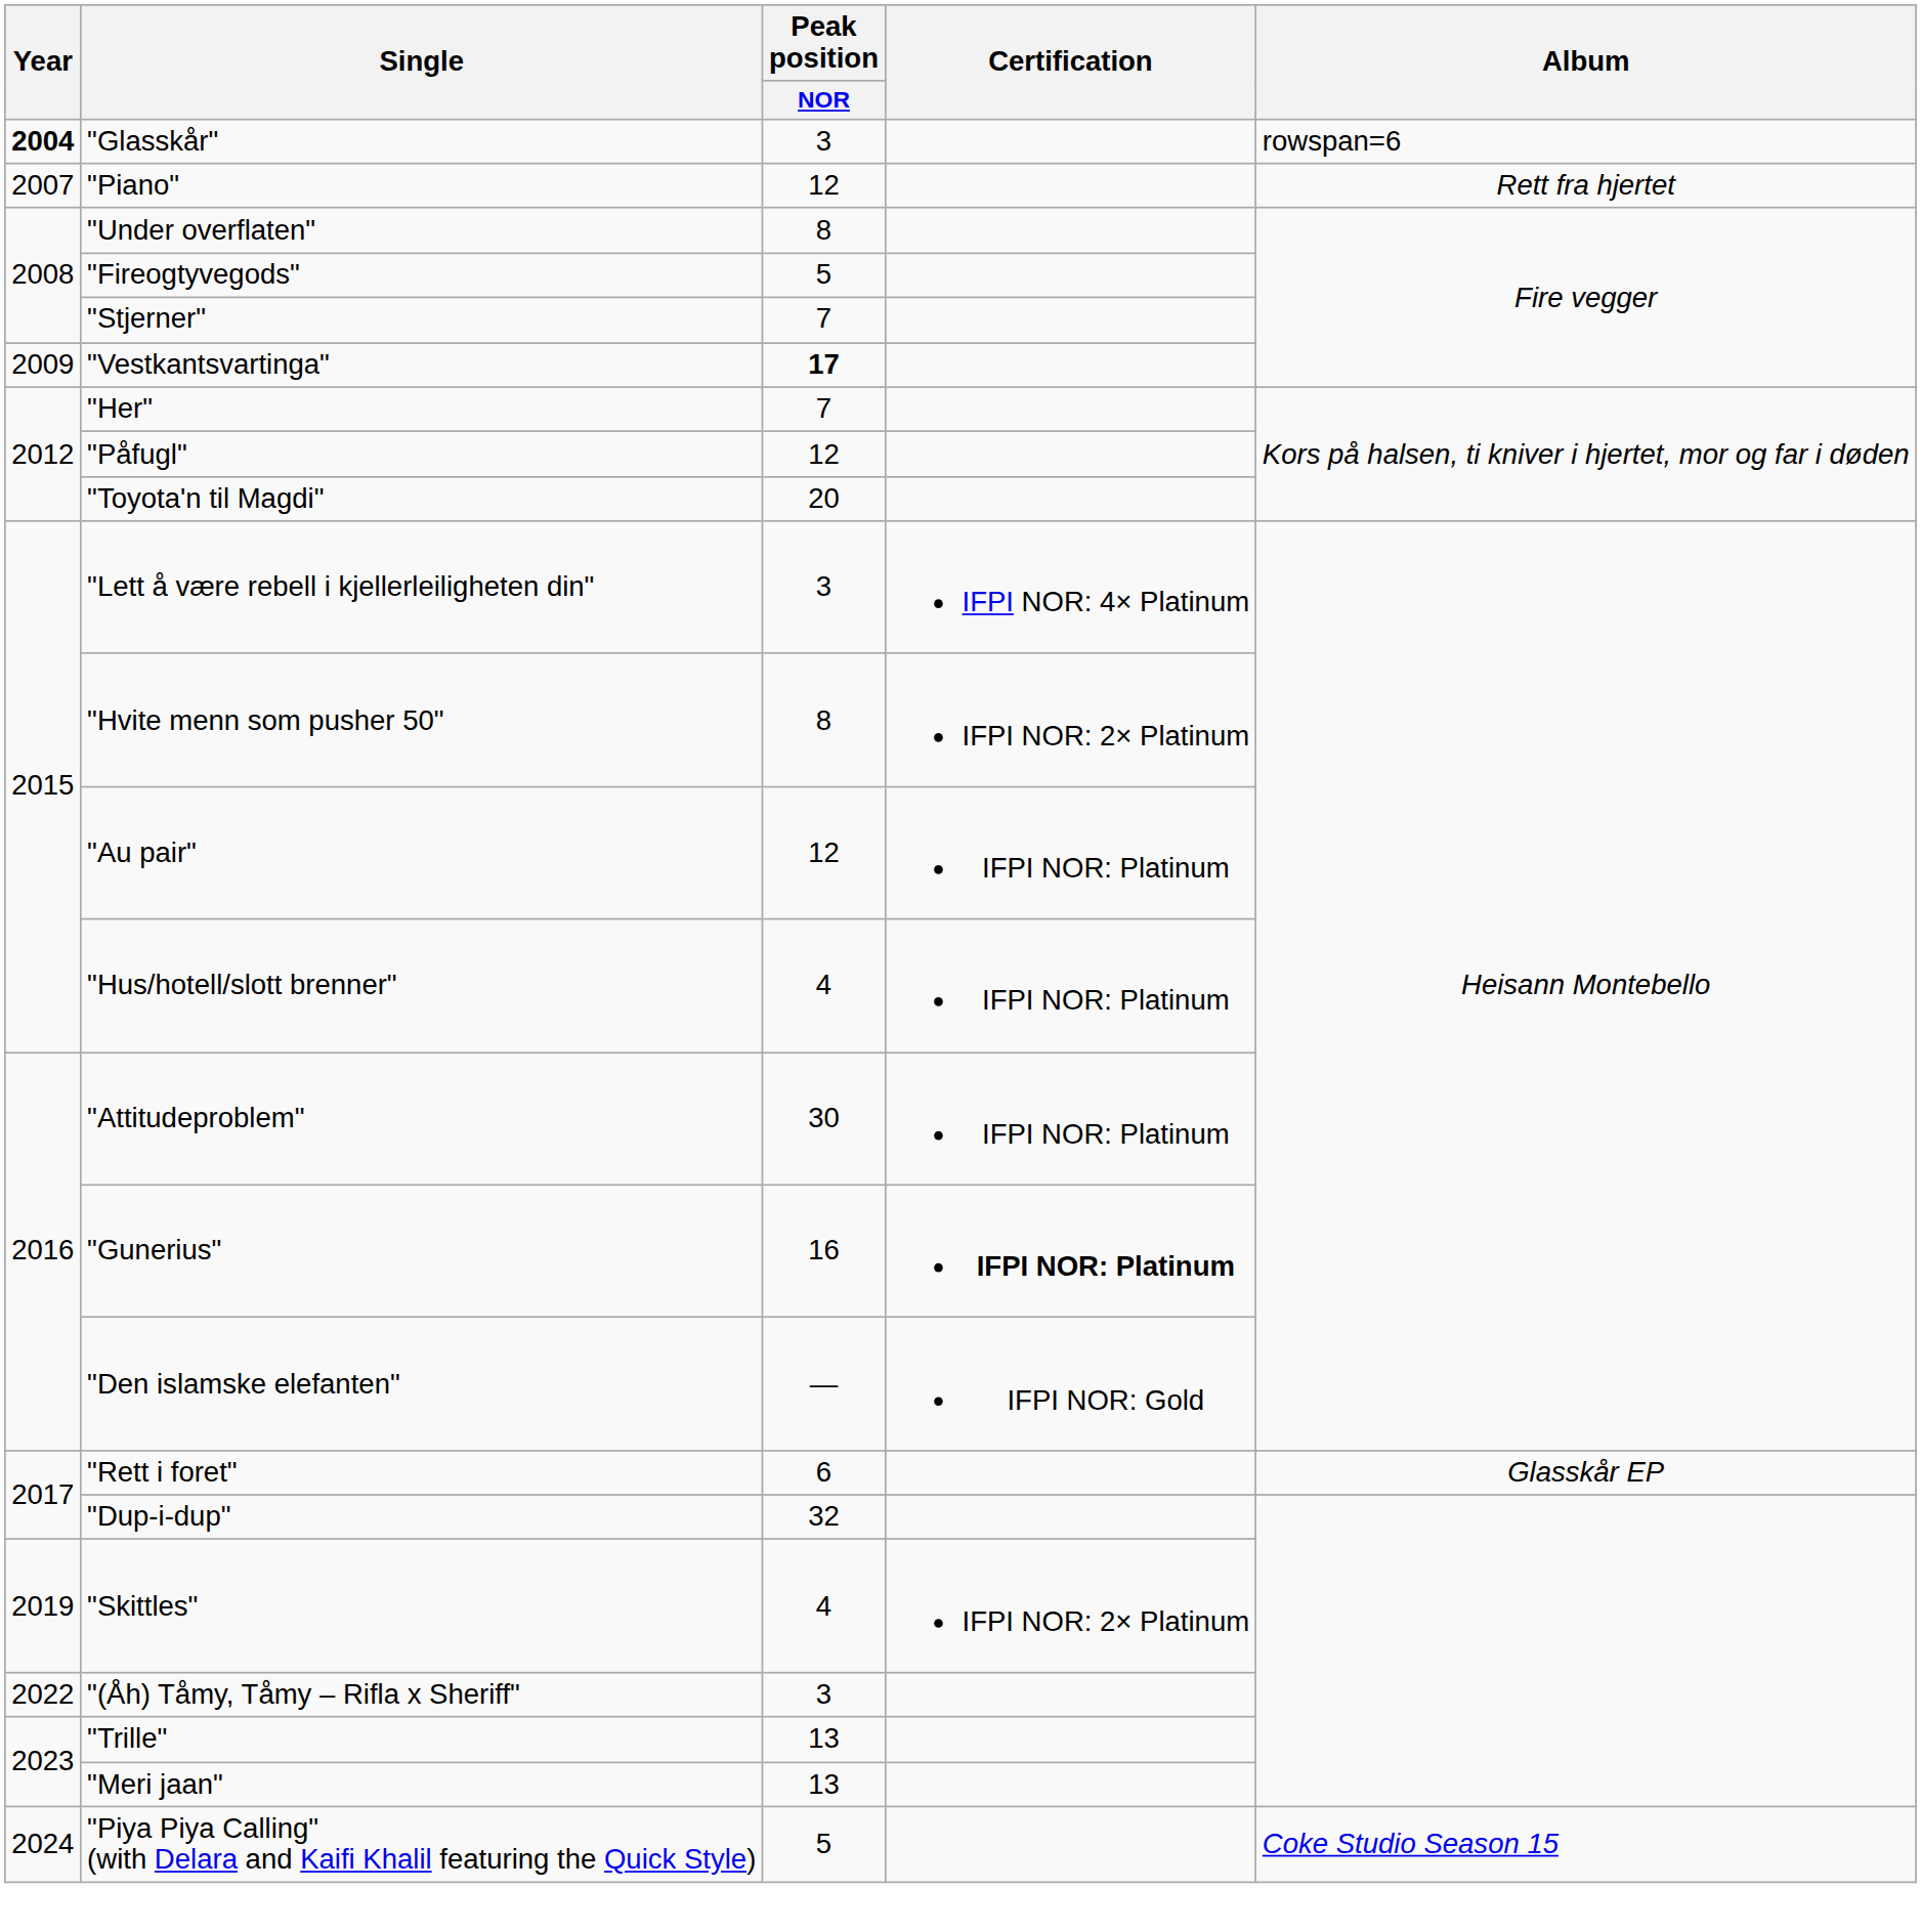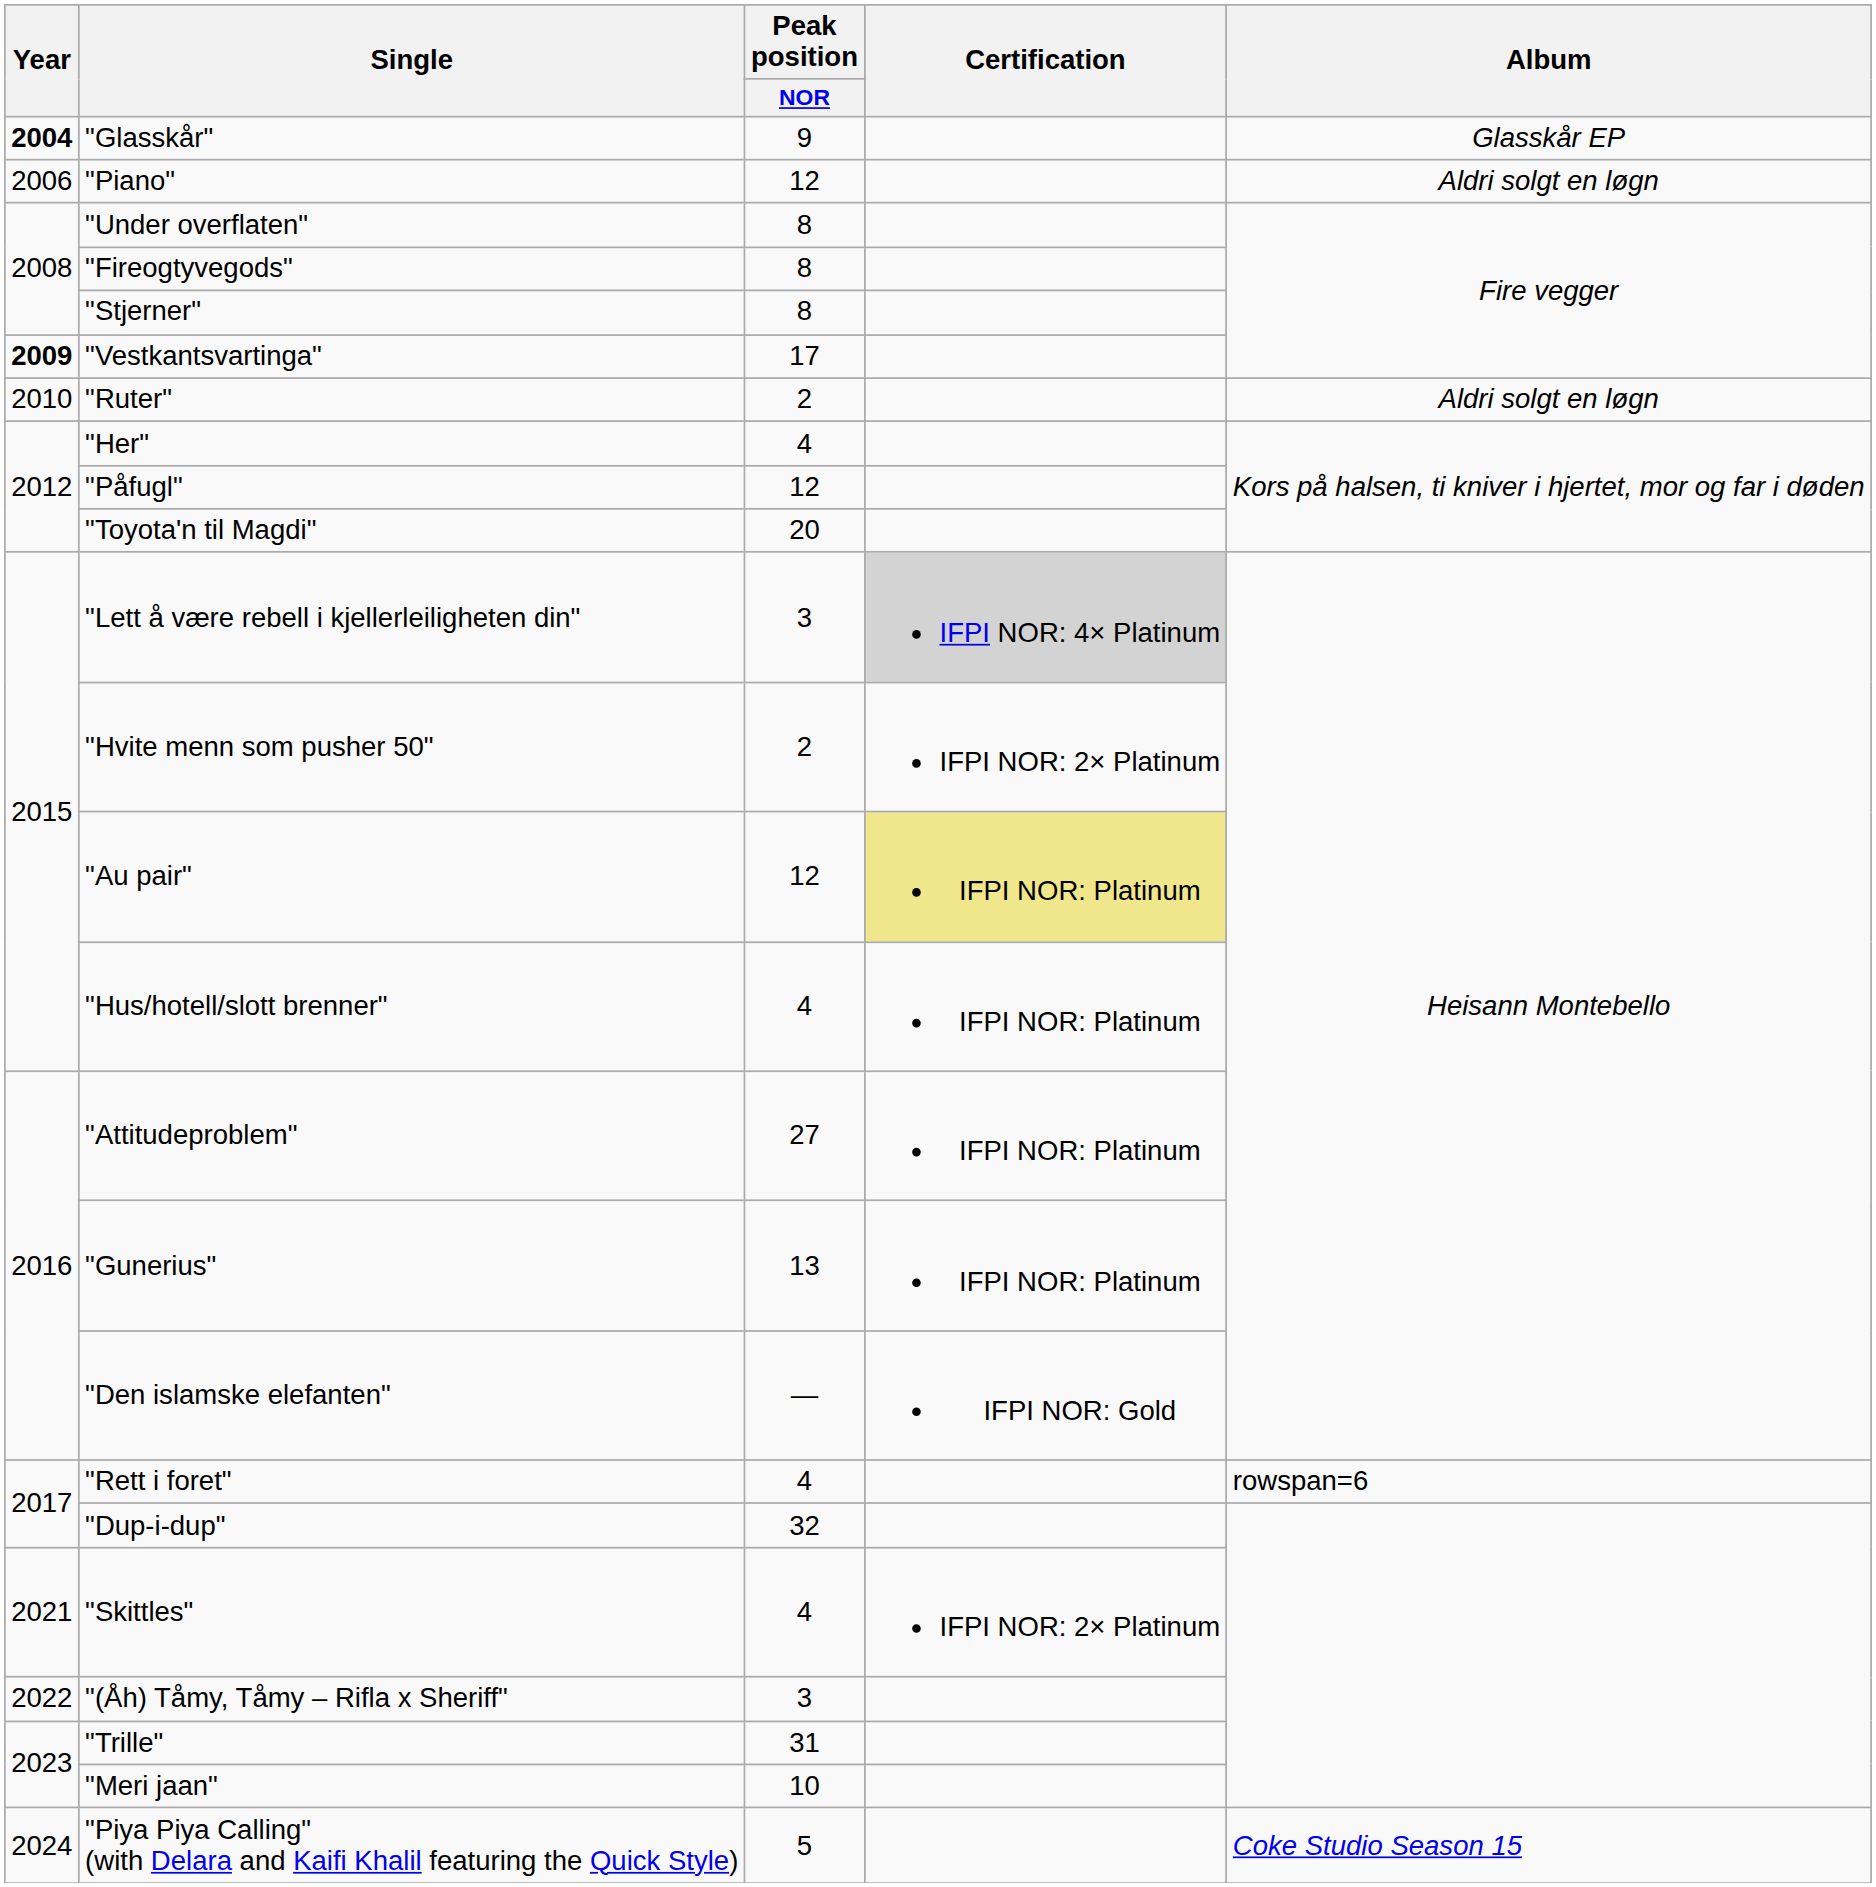 <table class="wikitable">
 <tr>
 <th width="33" rowspan="2" style="text-align:center;">Year</th>
 <th rowspan="2">Single</th>
 <th colspan="1">Peak <br>position</th>
 <th rowspan="2">Certification</th>
 <th rowspan="2">Album</th>
 </tr>
 <tr style="font-size:smaller">
 <th align="center"><a href='#'>NOR</a><br></th>
 </tr>
 <tr>
 <td align="center"><strong>2004</strong></td>
 <td>"Glasskår"</td>
-<td align="center">3</td>
+<td align="center">9</td>
 <td align="center"></td>
-<td>rowspan=6 </td>
+<td align="center"><em>Glasskår EP</em></td>
 </tr>
 <tr>
-<td align="center">2007</td>
+<td align="center">2006</td>
 <td>"Piano"</td>
 <td align="center">12</td>
 <td align="center"></td>
-<td align="center"><em>Rett fra hjertet</em></td>
+<td align="center"><em>Aldri solgt en løgn</em></td>
 </tr>
 <tr>
 <td align="center" rowspan=3>2008</td>
 <td>"Under overflaten"</td>
 <td align="center">8</td>
 <td align="center"></td>
 <td align="center" rowspan=4><em>Fire vegger</em></td>
 </tr>
 <tr>
 <td>"Fireogtyvegods"</td>
-<td align="center">5</td>
+<td align="center">8</td>
 <td align="center"></td>
 </tr>
 <tr>
 <td>"Stjerner"</td>
-<td align="center">7</td>
+<td align="center">8</td>
 <td align="center"></td>
 </tr>
 <tr>
-<td align="center">2009</td>
+<td align="center"><strong>2009</strong></td>
 <td>"Vestkantsvartinga"</td>
-<td align="center"><strong>17</strong></td>
+<td align="center">17</td>
 <td align="center"></td>
+</tr>
+<tr>
+<td align="center">2010</td>
+<td>"Ruter" </td>
+<td align="center">2</td>
+<td align="center"></td>
+<td align="center"><em>Aldri solgt en løgn</em></td>
 </tr>
 <tr>
 <td align="center" rowspan=3>2012</td>
 <td>"Her"</td>
-<td align="center">7</td>
+<td align="center">4</td>
 <td align="center"></td>
 <td align="center" rowspan=3><em>Kors på halsen, ti kniver i hjertet, mor og far i døden</em></td>
 </tr>
 <tr>
 <td>"Påfugl" </td>
 <td align="center">12</td>
 <td align="center"></td>
 </tr>
 <tr>
 <td>"Toyota'n til Magdi"</td>
 <td align="center">20</td>
 <td align="center"></td>
 </tr>
 <tr>
 <td align="center" rowspan=4>2015</td>
 <td>"Lett å være rebell i kjellerleiligheten din"</td>
 <td align="center">3</td>
-<td align="center"><br><ul><li><a href='#'>IFPI</a> NOR: 4× Platinum</li></ul></td>
+<td align="center" style="background: lightgrey;"><br><ul><li><a href='#'>IFPI</a> NOR: 4× Platinum</li></ul></td>
 <td align="center" rowspan=7><em>Heisann Montebello</em></td>
 </tr>
 <tr>
 <td>"Hvite menn som pusher 50"</td>
-<td align="center">8</td>
+<td align="center">2</td>
 <td align="center"><br><ul><li>IFPI NOR: 2× Platinum</li></ul></td>
 </tr>
 <tr>
 <td>"Au pair"</td>
 <td align="center">12</td>
-<td align="center"><br><ul><li>IFPI NOR: Platinum</li></ul></td>
+<td align="center" style="background: khaki;"><br><ul><li>IFPI NOR: Platinum</li></ul></td>
 </tr>
 <tr>
 <td>"Hus/hotell/slott brenner"</td>
 <td align="center">4</td>
 <td align="center"><br><ul><li>IFPI NOR: Platinum</li></ul></td>
 </tr>
 <tr>
 <td align="center" rowspan=3>2016</td>
 <td>"Attitudeproblem"</td>
-<td align="center">30</td>
+<td align="center">27</td>
 <td align="center"><br><ul><li>IFPI NOR: Platinum</li></ul></td>
 </tr>
 <tr>
 <td>"Gunerius"</td>
-<td align="center">16<br></td>
-<td align="center"><strong><br><ul><li>IFPI NOR: Platinum</li></ul></strong></td>
+<td align="center">13<br></td>
+<td align="center"><br><ul><li>IFPI NOR: Platinum</li></ul></td>
 </tr>
 <tr>
 <td>"Den islamske elefanten"</td>
 <td align="center">—</td>
 <td align="center"><br><ul><li>IFPI NOR: Gold</li></ul></td>
 </tr>
 <tr>
 <td align="center" rowspan=2>2017</td>
 <td>"Rett i foret"</td>
-<td align="center">6<br></td>
+<td align="center">4<br></td>
 <td align="center"></td>
-<td align="center"><em>Glasskår EP</em></td>
+<td>rowspan=6 </td>
 </tr>
 <tr>
 <td>"Dup-i-dup"</td>
 <td align="center">32<br></td>
 <td align="center"></td>
 </tr>
 <tr>
-<td align="center">2019</td>
+<td align="center">2021</td>
 <td>"Skittles"</td>
 <td align="center">4<br></td>
 <td align="center"><br><ul><li>IFPI NOR: 2× Platinum</li></ul></td>
 </tr>
 <tr>
 <td align="center">2022</td>
 <td>"(Åh) Tåmy, Tåmy – Rifla x Sheriff"<br></td>
 <td align="center">3<br></td>
 <td align="center"></td>
 </tr>
 <tr>
 <td align="center" rowspan="2">2023</td>
 <td>"Trille"<br></td>
-<td align="center">13<br></td>
+<td align="center">31<br></td>
 <td align="center"></td>
 </tr>
 <tr>
 <td>"Meri jaan"<br></td>
-<td align="center">13<br></td>
+<td align="center">10<br></td>
 <td align="center"></td>
 </tr>
 <tr>
 <td>2024</td>
 <td>"Piya Piya Calling"<br>(with <a href='#'>Delara</a> and <a href='#'>Kaifi Khalil</a> featuring the <a href='#'>Quick Style</a>)</td>
 <td align="center">5</td>
 <td></td>
 <td><em><a href='#'>Coke Studio Season 15</a></em></td>
 </tr>
 </table>
